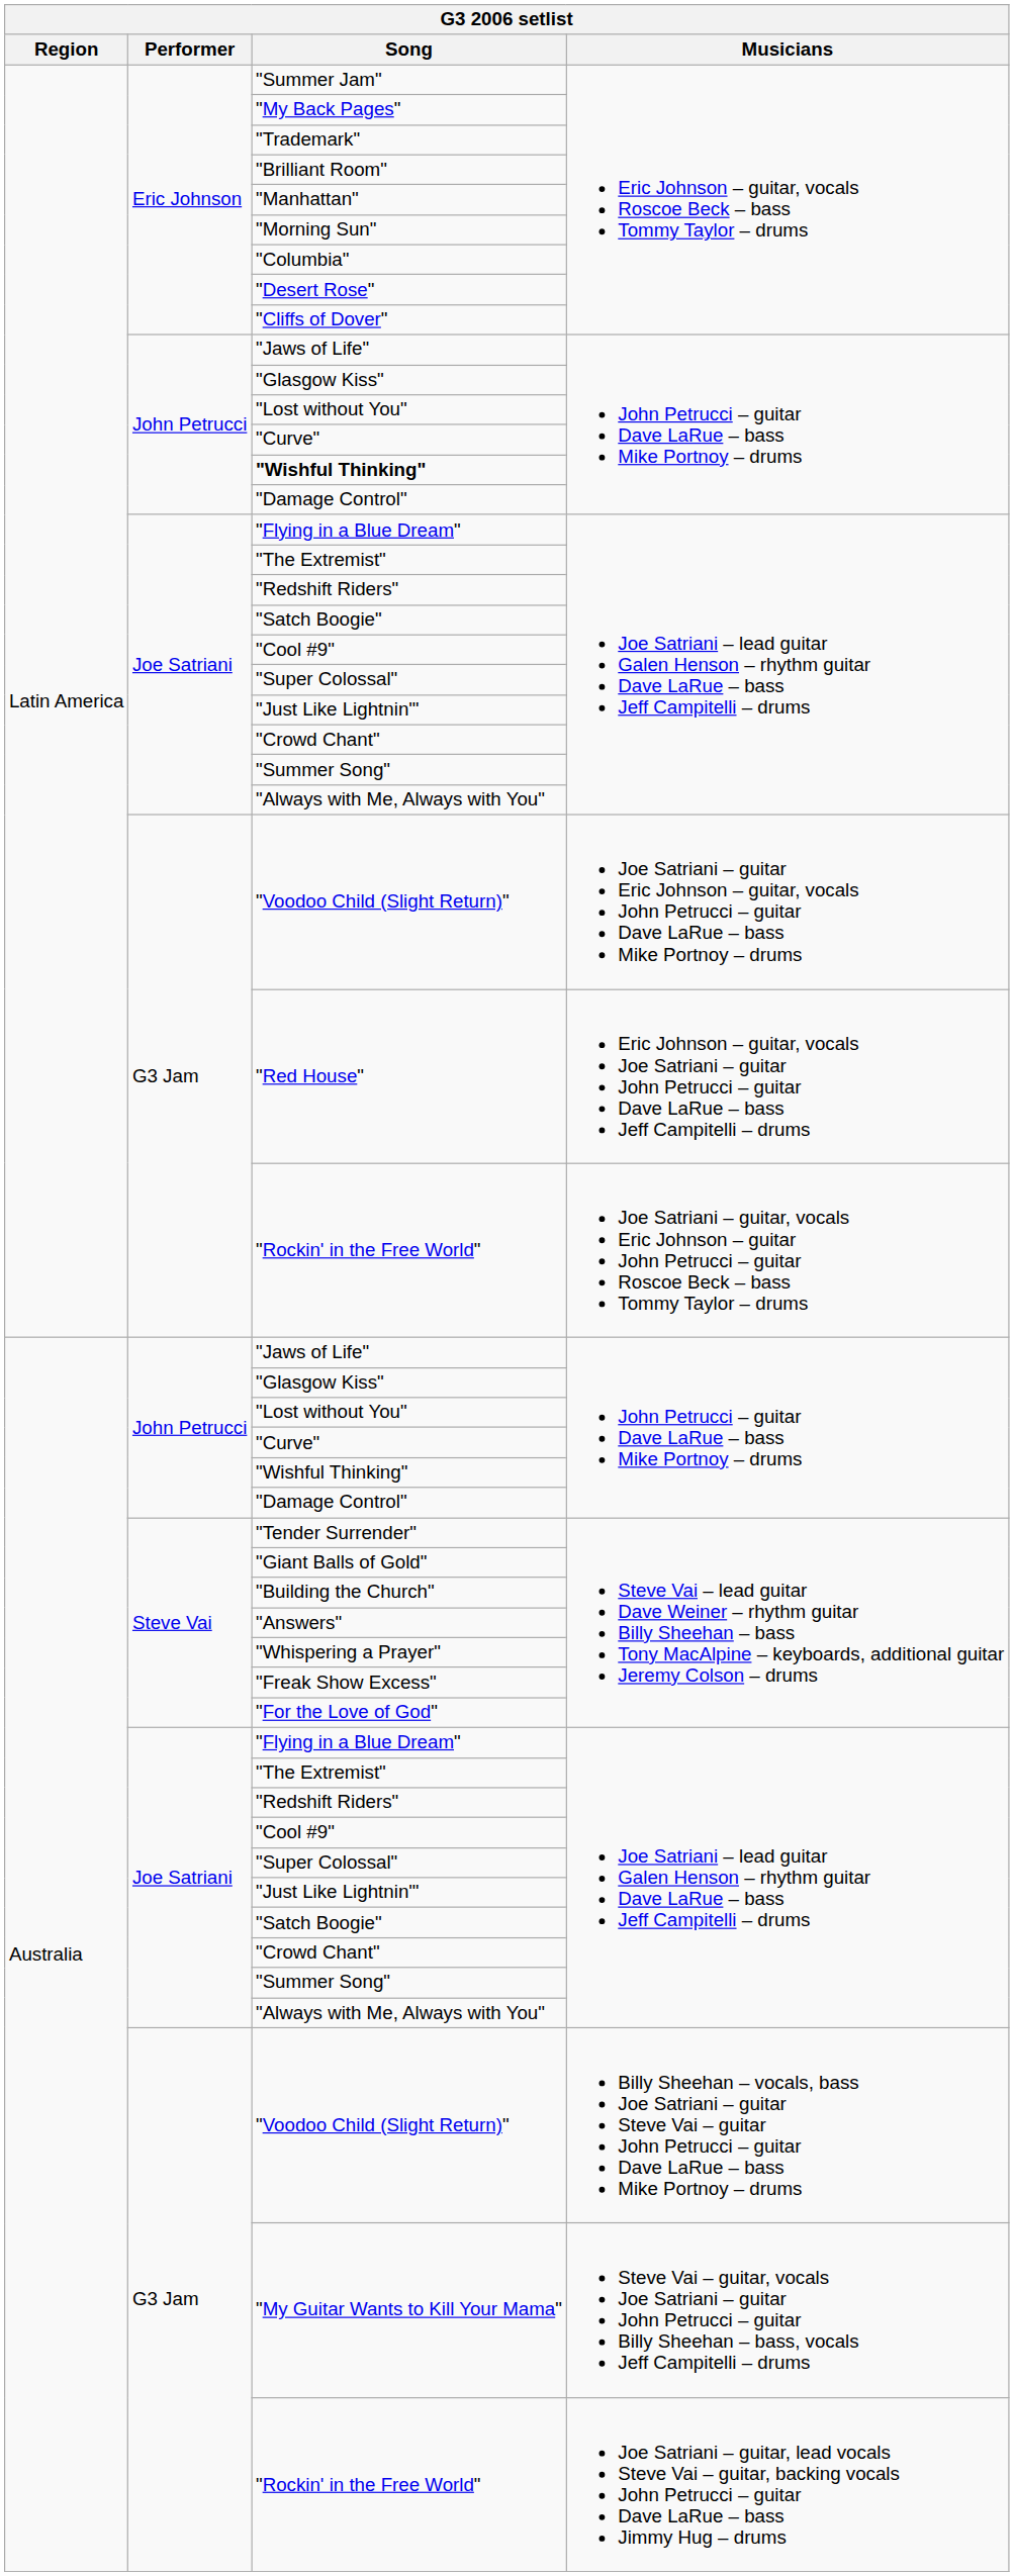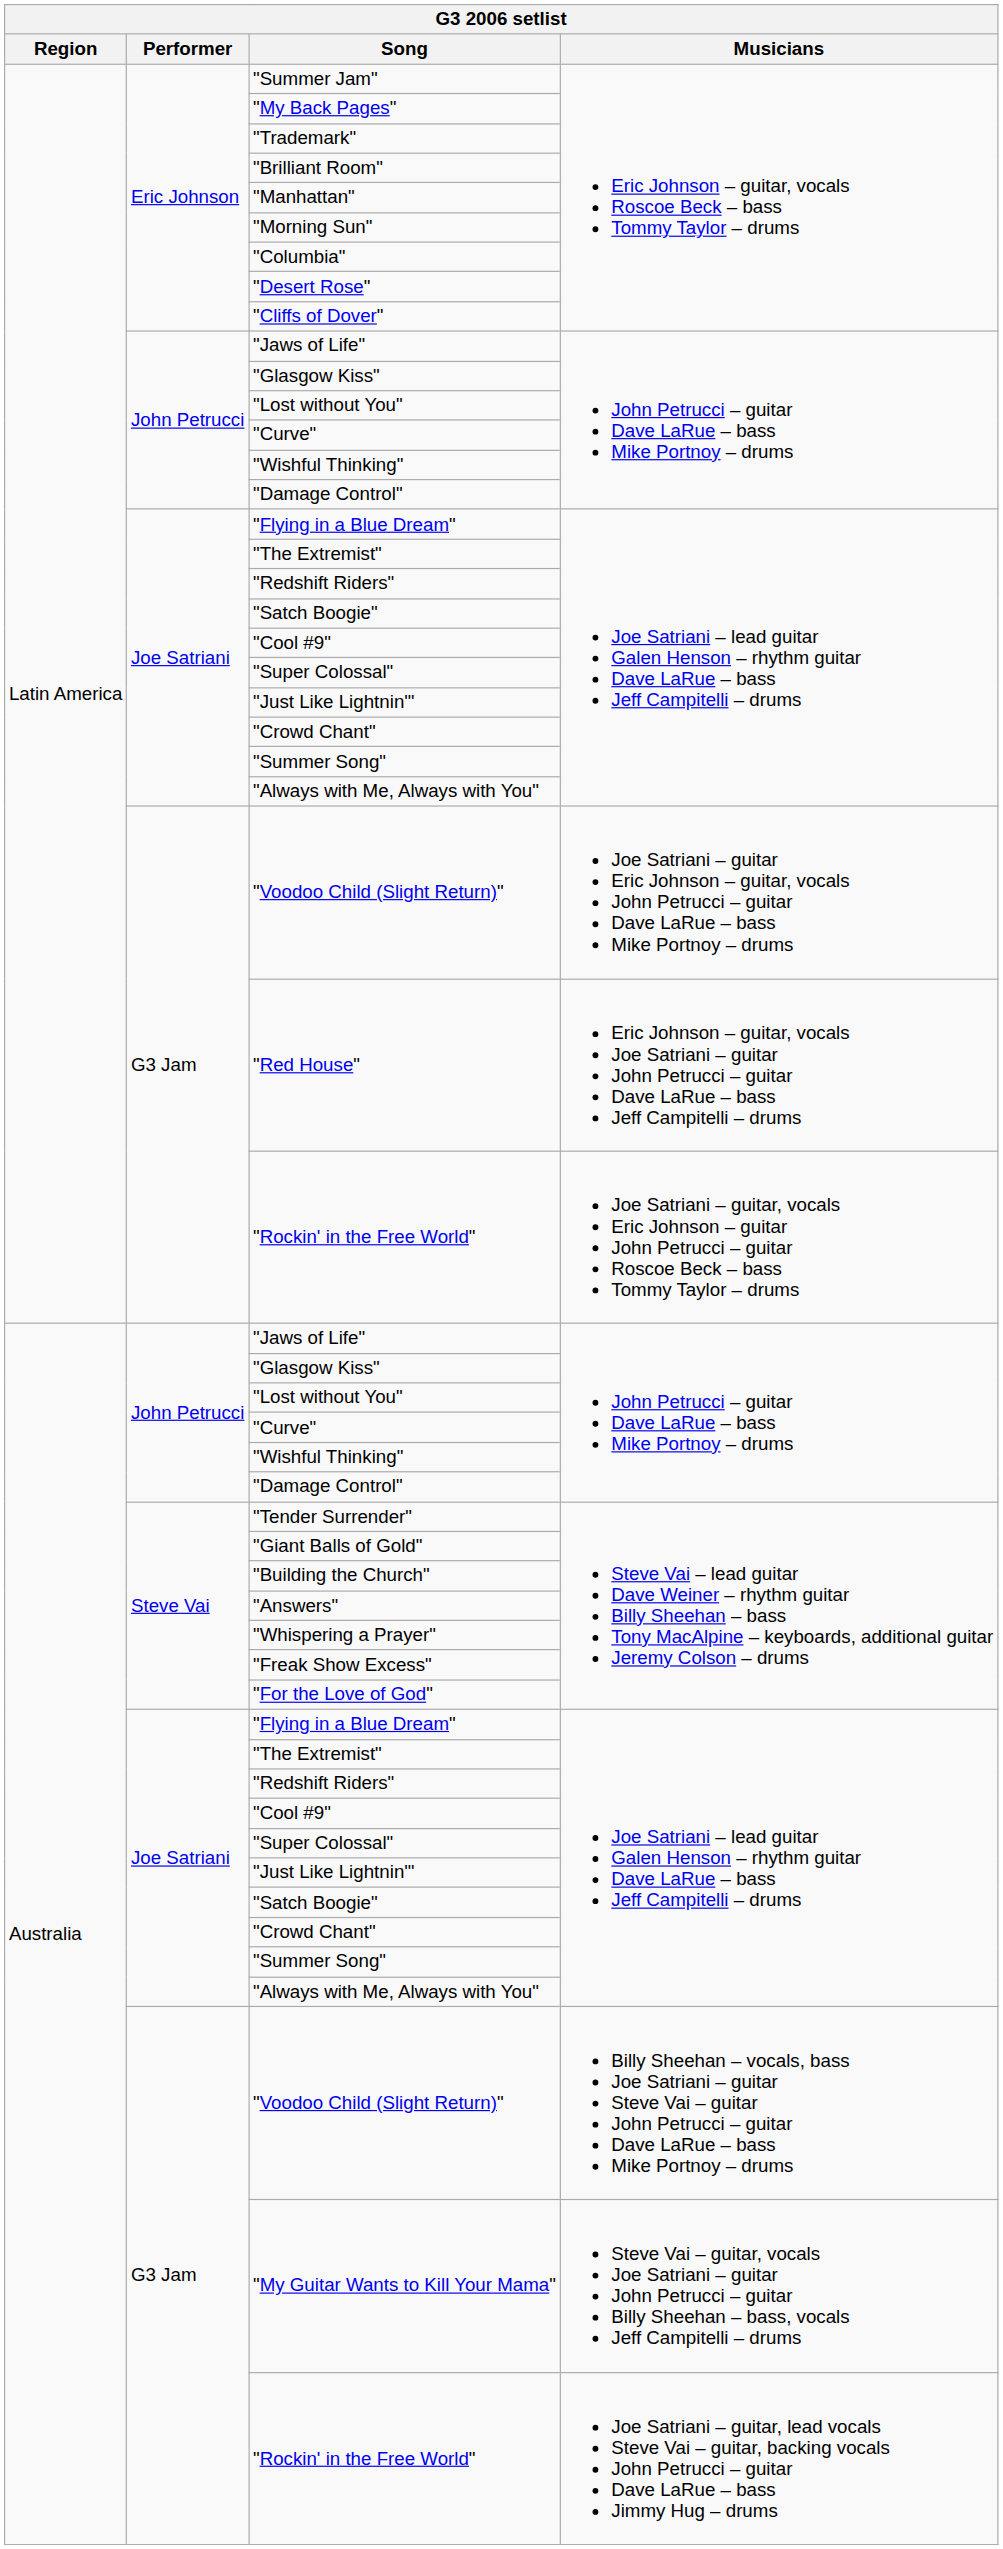 <table class="wikitable collapsible collapsed">
 <tr>
 <th colspan="4">G3 2006 setlist</th>
 </tr>
 <tr>
 <th>Region</th>
 <th>Performer</th>
 <th>Song</th>
 <th>Musicians</th>
 </tr>
 <tr>
 <td rowspan=28>Latin America</td>
 <td rowspan=9><a href='#'>Eric Johnson</a></td>
 <td>"Summer Jam"</td>
 <td rowspan=9><br><ul><li><a href='#'>Eric Johnson</a> – guitar, vocals</li><li><a href='#'>Roscoe Beck</a> – bass</li><li><a href='#'>Tommy Taylor</a> – drums</li></ul></td>
 </tr>
 <tr>
 <td>"<a href='#'>My Back Pages</a>"</td>
 </tr>
 <tr>
 <td>"Trademark"</td>
 </tr>
 <tr>
 <td>"Brilliant Room"</td>
 </tr>
 <tr>
 <td>"Manhattan"</td>
 </tr>
 <tr>
 <td>"Morning Sun"</td>
 </tr>
 <tr>
 <td>"Columbia"</td>
 </tr>
 <tr>
 <td>"<a href='#'>Desert Rose</a>"</td>
 </tr>
 <tr>
 <td>"<a href='#'>Cliffs of Dover</a>"</td>
 </tr>
 <tr>
 <td rowspan=6><a href='#'>John Petrucci</a></td>
 <td>"Jaws of Life"</td>
 <td rowspan=6><br><ul><li><a href='#'>John Petrucci</a> – guitar</li><li><a href='#'>Dave LaRue</a> – bass</li><li><a href='#'>Mike Portnoy</a> – drums</li></ul></td>
 </tr>
 <tr>
 <td>"Glasgow Kiss"</td>
 </tr>
 <tr>
 <td>"Lost without You"</td>
 </tr>
 <tr>
 <td>"Curve"</td>
 </tr>
 <tr>
-<td><strong>"Wishful Thinking"</strong></td>
+<td>"Wishful Thinking"</td>
 </tr>
 <tr>
 <td>"Damage Control"</td>
 </tr>
 <tr>
 <td rowspan=10><a href='#'>Joe Satriani</a></td>
 <td>"<a href='#'>Flying in a Blue Dream</a>"</td>
 <td rowspan=10><br><ul><li><a href='#'>Joe Satriani</a> – lead guitar</li><li><a href='#'>Galen Henson</a> – rhythm guitar</li><li><a href='#'>Dave LaRue</a> – bass</li><li><a href='#'>Jeff Campitelli</a> – drums</li></ul></td>
 </tr>
 <tr>
 <td>"The Extremist"</td>
 </tr>
 <tr>
 <td>"Redshift Riders"</td>
 </tr>
 <tr>
 <td>"Satch Boogie"</td>
 </tr>
 <tr>
 <td>"Cool #9"</td>
 </tr>
 <tr>
 <td>"Super Colossal"</td>
 </tr>
 <tr>
 <td>"Just Like Lightnin'"</td>
 </tr>
 <tr>
 <td>"Crowd Chant"</td>
 </tr>
 <tr>
 <td>"Summer Song"</td>
 </tr>
 <tr>
 <td>"Always with Me, Always with You"</td>
 </tr>
 <tr>
 <td rowspan=3>G3 Jam</td>
 <td>"<a href='#'>Voodoo Child (Slight Return)</a>"</td>
 <td><br><ul><li>Joe Satriani – guitar</li><li>Eric Johnson – guitar, vocals</li><li>John Petrucci – guitar</li><li>Dave LaRue – bass</li><li>Mike Portnoy – drums</li></ul></td>
 </tr>
 <tr>
 <td>"<a href='#'>Red House</a>"</td>
 <td><br><ul><li>Eric Johnson – guitar, vocals</li><li>Joe Satriani – guitar</li><li>John Petrucci – guitar</li><li>Dave LaRue – bass</li><li>Jeff Campitelli – drums</li></ul></td>
 </tr>
 <tr>
 <td>"<a href='#'>Rockin' in the Free World</a>"</td>
 <td><br><ul><li>Joe Satriani – guitar, vocals</li><li>Eric Johnson – guitar</li><li>John Petrucci – guitar</li><li>Roscoe Beck – bass</li><li>Tommy Taylor – drums</li></ul></td>
 </tr>
 <tr>
 <td rowspan=26>Australia</td>
 <td rowspan=6><a href='#'>John Petrucci</a></td>
 <td>"Jaws of Life"</td>
 <td rowspan=6><br><ul><li><a href='#'>John Petrucci</a> – guitar</li><li><a href='#'>Dave LaRue</a> – bass</li><li><a href='#'>Mike Portnoy</a> – drums</li></ul></td>
 </tr>
 <tr>
 <td>"Glasgow Kiss"</td>
 </tr>
 <tr>
 <td>"Lost without You"</td>
 </tr>
 <tr>
 <td>"Curve"</td>
 </tr>
 <tr>
 <td>"Wishful Thinking"</td>
 </tr>
 <tr>
 <td>"Damage Control"</td>
 </tr>
 <tr>
 <td rowspan=7><a href='#'>Steve Vai</a></td>
 <td>"Tender Surrender"</td>
 <td rowspan=7><br><ul><li><a href='#'>Steve Vai</a> – lead guitar</li><li><a href='#'>Dave Weiner</a> – rhythm guitar</li><li><a href='#'>Billy Sheehan</a> – bass</li><li><a href='#'>Tony MacAlpine</a> – keyboards, additional guitar</li><li><a href='#'>Jeremy Colson</a> – drums</li></ul></td>
 </tr>
 <tr>
 <td>"Giant Balls of Gold"</td>
 </tr>
 <tr>
 <td>"Building the Church"</td>
 </tr>
 <tr>
 <td>"Answers"</td>
 </tr>
 <tr>
 <td>"Whispering a Prayer"</td>
 </tr>
 <tr>
 <td>"Freak Show Excess"</td>
 </tr>
 <tr>
 <td>"<a href='#'>For the Love of God</a>"</td>
 </tr>
 <tr>
 <td rowspan=10><a href='#'>Joe Satriani</a></td>
 <td>"<a href='#'>Flying in a Blue Dream</a>"</td>
 <td rowspan=10><br><ul><li><a href='#'>Joe Satriani</a> – lead guitar</li><li><a href='#'>Galen Henson</a> – rhythm guitar</li><li><a href='#'>Dave LaRue</a> – bass</li><li><a href='#'>Jeff Campitelli</a> – drums</li></ul></td>
 </tr>
 <tr>
 <td>"The Extremist"</td>
 </tr>
 <tr>
 <td>"Redshift Riders"</td>
 </tr>
 <tr>
 <td>"Cool #9"</td>
 </tr>
 <tr>
 <td>"Super Colossal"</td>
 </tr>
 <tr>
 <td>"Just Like Lightnin'"</td>
 </tr>
 <tr>
 <td>"Satch Boogie"</td>
 </tr>
 <tr>
 <td>"Crowd Chant"</td>
 </tr>
 <tr>
 <td>"Summer Song"</td>
 </tr>
 <tr>
 <td>"Always with Me, Always with You"</td>
 </tr>
 <tr>
 <td rowspan=3>G3 Jam</td>
 <td>"<a href='#'>Voodoo Child (Slight Return)</a>"</td>
 <td><br><ul><li>Billy Sheehan – vocals, bass</li><li>Joe Satriani – guitar</li><li>Steve Vai – guitar</li><li>John Petrucci – guitar</li><li>Dave LaRue – bass</li><li>Mike Portnoy – drums</li></ul></td>
 </tr>
 <tr>
 <td>"<a href='#'>My Guitar Wants to Kill Your Mama</a>"</td>
 <td><br><ul><li>Steve Vai – guitar, vocals</li><li>Joe Satriani – guitar</li><li>John Petrucci – guitar</li><li>Billy Sheehan – bass, vocals</li><li>Jeff Campitelli – drums</li></ul></td>
 </tr>
 <tr>
 <td>"<a href='#'>Rockin' in the Free World</a>"</td>
 <td><br><ul><li>Joe Satriani – guitar, lead vocals</li><li>Steve Vai – guitar, backing vocals</li><li>John Petrucci – guitar</li><li>Dave LaRue – bass</li><li>Jimmy Hug – drums</li></ul></td>
 </tr>
 </table>
